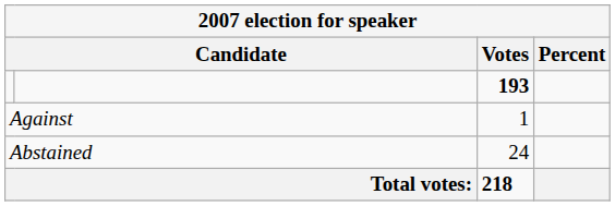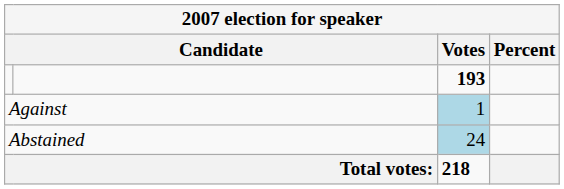 <table class="wikitable">
 <tr>
 <th colspan=4 style="background:#f5f5f5">2007 election for speaker </th>
 </tr>
 <tr>
 <th colspan=2>Candidate</th>
 <th>Votes</th>
 <th>Percent</th>
 </tr>
 <tr>
 <td style="background-color: "></td>
 <td style="width: 22em;"></td>
 <td style="text-align:right"><strong>193</strong></td>
 <td style="text-align:right"><strong></strong></td>
 </tr>
 <tr>
 <td colspan=2><em>Against</em></td>
-<td style="text-align:right">1</td>
+<td style="background: lightblue; text-align:right">1</td>
 <td style="text-align:right"></td>
 </tr>
 <tr>
 <td colspan=2><em>Abstained</em></td>
-<td style="text-align:right">24</td>
+<td style="background: lightblue; text-align:right">24</td>
 <td style="text-align:right"></td>
 </tr>
 <tr>
 <th colspan=2 style="text-align:right">Total votes:</th>
 <td><strong>218</strong></td>
 <th></th>
 </tr>
 </table>
